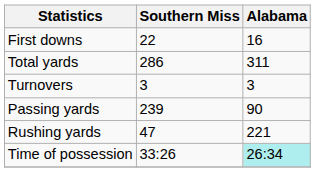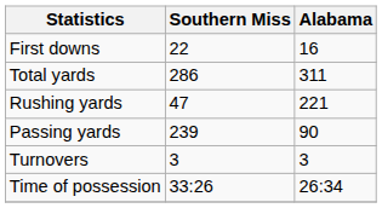 <table class="wikitable" style="float: left;">
 <tr>
 <th>Statistics</th>
 <th style=>Southern Miss</th>
 <th>Alabama</th>
 </tr>
 <tr>
 <td>First downs</td>
 <td>22</td>
 <td>16</td>
 </tr>
 <tr>
 <td>Total yards</td>
 <td>286</td>
 <td>311</td>
 </tr>
 <tr>
-<td>Turnovers</td>
-<td>3</td>
-<td>3</td>
+<td>Rushing yards</td>
+<td>47</td>
+<td>221</td>
 </tr>
 <tr>
 <td>Passing yards</td>
 <td>239</td>
 <td>90</td>
 </tr>
 <tr>
-<td>Rushing yards</td>
-<td>47</td>
-<td>221</td>
+<td>Turnovers</td>
+<td>3</td>
+<td>3</td>
 </tr>
 <tr>
 <td>Time of possession</td>
 <td>33:26</td>
-<td style="background: paleturquoise;">26:34</td>
+<td>26:34</td>
 </tr>
 <tr>
 </tr>
 </table>
